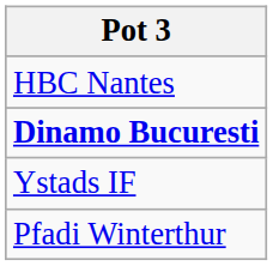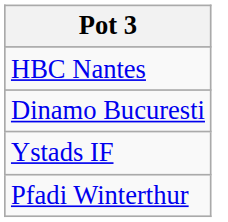 <table class="wikitable" style="float:left; margin-right:0.5em">
 <tr>
 <th>Pot 3</th>
 </tr>
 <tr>
 <td> <a href='#'>HBC Nantes</a></td>
 </tr>
 <tr>
-<td><strong> <a href='#'>Dinamo Bucuresti</a></strong></td>
+<td> <a href='#'>Dinamo Bucuresti</a></td>
 </tr>
 <tr>
 <td> <a href='#'>Ystads IF</a></td>
 </tr>
 <tr>
 <td> <a href='#'>Pfadi Winterthur</a></td>
 </tr>
 </table>
